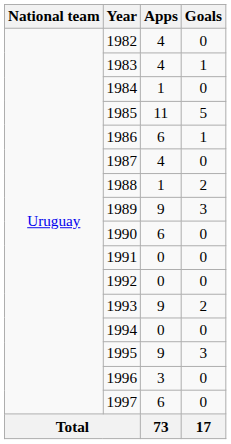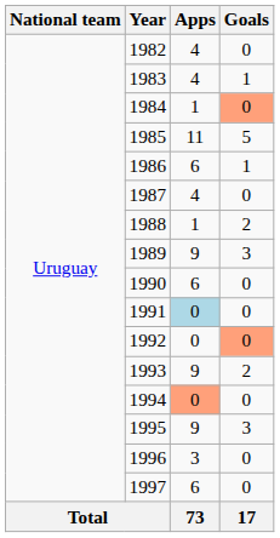 <table class="wikitable" style="text-align:center">
 <tr>
 <th>National team</th>
 <th>Year</th>
 <th>Apps</th>
 <th>Goals</th>
 </tr>
 <tr>
 <td rowspan="16"><a href='#'>Uruguay</a></td>
 <td>1982</td>
 <td>4</td>
 <td>0</td>
 </tr>
 <tr>
 <td>1983</td>
 <td>4</td>
 <td>1</td>
 </tr>
 <tr>
 <td>1984</td>
 <td>1</td>
-<td>0</td>
+<td style="background: lightsalmon;">0</td>
 </tr>
 <tr>
 <td>1985</td>
 <td>11</td>
 <td>5</td>
 </tr>
 <tr>
 <td>1986</td>
 <td>6</td>
 <td>1</td>
 </tr>
 <tr>
 <td>1987</td>
 <td>4</td>
 <td>0</td>
 </tr>
 <tr>
 <td>1988</td>
 <td>1</td>
 <td>2</td>
 </tr>
 <tr>
 <td>1989</td>
 <td>9</td>
 <td>3</td>
 </tr>
 <tr>
 <td>1990</td>
 <td>6</td>
 <td>0</td>
 </tr>
 <tr>
 <td>1991</td>
-<td>0</td>
+<td style="background: lightblue;">0</td>
 <td>0</td>
 </tr>
 <tr>
 <td>1992</td>
 <td>0</td>
-<td>0</td>
+<td style="background: lightsalmon;">0</td>
 </tr>
 <tr>
 <td>1993</td>
 <td>9</td>
 <td>2</td>
 </tr>
 <tr>
 <td>1994</td>
-<td>0</td>
+<td style="background: lightsalmon;">0</td>
 <td>0</td>
 </tr>
 <tr>
 <td>1995</td>
 <td>9</td>
 <td>3</td>
 </tr>
 <tr>
 <td>1996</td>
 <td>3</td>
 <td>0</td>
 </tr>
 <tr>
 <td>1997</td>
 <td>6</td>
 <td>0</td>
 </tr>
 <tr>
 <th colspan="2">Total</th>
 <th>73</th>
 <th>17</th>
 </tr>
 </table>
